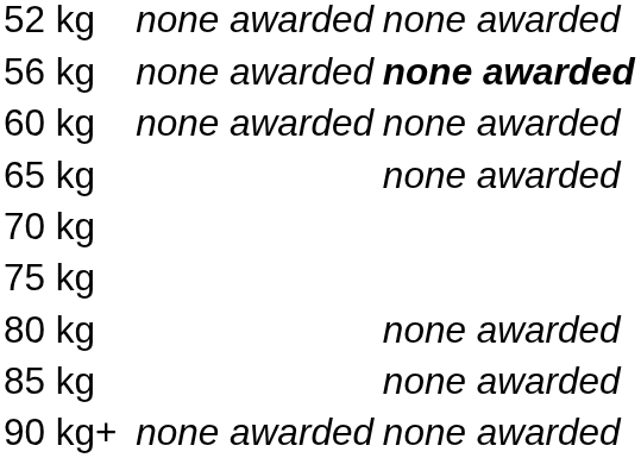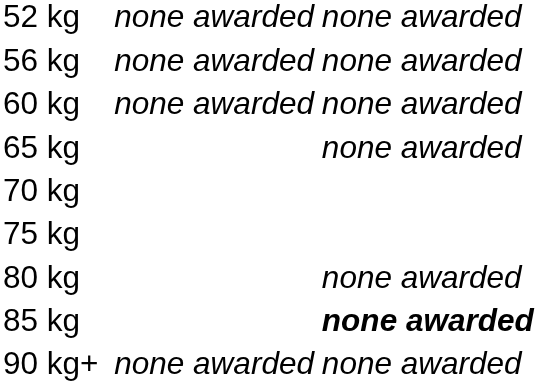 <table>
 <tr>
 <td>52 kg</td>
 <td></td>
 <td><em>none awarded</em></td>
 <td><em>none awarded</em></td>
 </tr>
 <tr>
 <td>56 kg</td>
 <td></td>
 <td><em>none awarded</em></td>
-<td><strong><em>none awarded</em></strong></td>
+<td><em>none awarded</em></td>
 </tr>
 <tr>
 <td>60 kg</td>
 <td></td>
 <td><em>none awarded</em></td>
 <td><em>none awarded</em></td>
 </tr>
 <tr>
 <td>65 kg</td>
 <td></td>
 <td></td>
 <td><em>none awarded</em></td>
 </tr>
 <tr>
 <td>70 kg</td>
 <td></td>
 <td></td>
 <td></td>
 </tr>
 <tr>
 <td rowspan=2>75 kg</td>
 <td rowspan=2></td>
 <td rowspan=2></td>
 <td></td>
 </tr>
 <tr>
 <td></td>
 </tr>
 <tr>
 <td>80 kg</td>
 <td></td>
 <td></td>
 <td><em>none awarded</em></td>
 </tr>
 <tr>
 <td>85 kg</td>
 <td></td>
 <td></td>
-<td><em>none awarded</em></td>
+<td><strong><em>none awarded</em></strong></td>
 </tr>
 <tr>
 <td>90 kg+</td>
 <td></td>
 <td><em>none awarded</em></td>
 <td><em>none awarded</em></td>
 </tr>
 <tr>
 </tr>
 </table>
